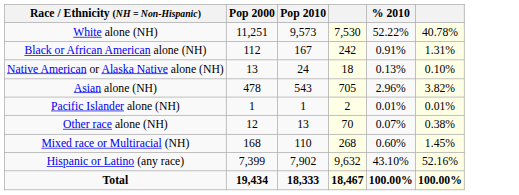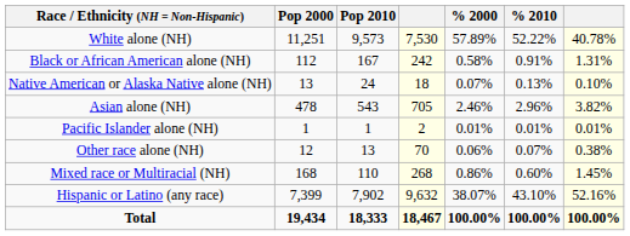 <table class="wikitable" style="text-align:center;">
 <tr>
 <th>Race / Ethnicity <small>(<em>NH = Non-Hispanic</em>)</small></th>
 <th>Pop 2000</th>
 <th>Pop 2010</th>
 <th></th>
+<th>% 2000</th>
 <th>% 2010</th>
 <th></th>
 </tr>
 <tr>
 <td><a href='#'>White</a> alone (NH)</td>
 <td>11,251</td>
 <td>9,573</td>
 <td style='background: #ffffe6;'>7,530</td>
+<td>57.89%</td>
 <td>52.22%</td>
 <td style='background: #ffffe6;'>40.78%</td>
 </tr>
 <tr>
 <td><a href='#'>Black or African American</a> alone (NH)</td>
 <td>112</td>
 <td>167</td>
 <td style='background: #ffffe6;'>242</td>
+<td>0.58%</td>
 <td>0.91%</td>
 <td style='background: #ffffe6;'>1.31%</td>
 </tr>
 <tr>
 <td><a href='#'>Native American</a> or <a href='#'>Alaska Native</a> alone (NH)</td>
 <td>13</td>
 <td>24</td>
 <td style='background: #ffffe6;'>18</td>
+<td>0.07%</td>
 <td>0.13%</td>
 <td style='background: #ffffe6;'>0.10%</td>
 </tr>
 <tr>
 <td><a href='#'>Asian</a> alone (NH)</td>
 <td>478</td>
 <td>543</td>
 <td style='background: #ffffe6;'>705</td>
+<td>2.46%</td>
 <td>2.96%</td>
 <td style='background: #ffffe6;'>3.82%</td>
 </tr>
 <tr>
 <td><a href='#'>Pacific Islander</a> alone (NH)</td>
 <td>1</td>
 <td>1</td>
 <td style='background: #ffffe6;'>2</td>
 <td>0.01%</td>
+<td>0.01%</td>
 <td style='background: #ffffe6;'>0.01%</td>
 </tr>
 <tr>
 <td><a href='#'>Other race</a> alone (NH)</td>
 <td>12</td>
 <td>13</td>
 <td style='background: #ffffe6;'>70</td>
+<td>0.06%</td>
 <td>0.07%</td>
 <td style='background: #ffffe6;'>0.38%</td>
 </tr>
 <tr>
 <td><a href='#'>Mixed race or Multiracial</a> (NH)</td>
 <td>168</td>
 <td>110</td>
 <td style='background: #ffffe6;'>268</td>
+<td>0.86%</td>
 <td>0.60%</td>
 <td style='background: #ffffe6;'>1.45%</td>
 </tr>
 <tr>
 <td><a href='#'>Hispanic or Latino</a> (any race)</td>
 <td>7,399</td>
 <td>7,902</td>
 <td style='background: #ffffe6;'>9,632</td>
+<td>38.07%</td>
 <td>43.10%</td>
 <td style='background: #ffffe6;'>52.16%</td>
 </tr>
 <tr>
 <td><strong>Total</strong></td>
 <td><strong>19,434</strong></td>
 <td><strong>18,333</strong></td>
 <td style='background: #ffffe6;'><strong>18,467</strong></td>
 <td><strong>100.00%</strong></td>
+<td><strong>100.00%</strong></td>
 <td style='background: #ffffe6;'><strong>100.00%</strong></td>
 </tr>
 </table>
